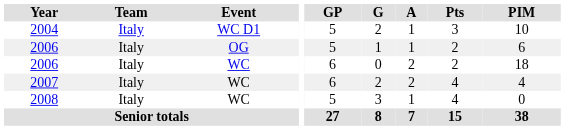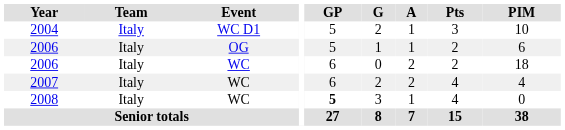 <table border="0" cellpadding="1" cellspacing="0" ID="Table3" style="text-align:center; width:40em">
 <tr bgcolor="#e0e0e0">
 <th>Year</th>
 <th>Team</th>
 <th>Event</th>
 <th rowspan="102" bgcolor="#ffffff"></th>
 <th>GP</th>
 <th>G</th>
 <th>A</th>
 <th>Pts</th>
 <th>PIM</th>
 </tr>
 <tr>
 <td><a href='#'>2004</a></td>
 <td><a href='#'>Italy</a></td>
 <td><a href='#'>WC D1</a></td>
 <td>5</td>
 <td>2</td>
 <td>1</td>
 <td>3</td>
 <td>10</td>
 </tr>
 <tr bgcolor="#f0f0f0">
 <td><a href='#'>2006</a></td>
 <td>Italy</td>
 <td><a href='#'>OG</a></td>
 <td>5</td>
 <td>1</td>
 <td>1</td>
 <td>2</td>
 <td>6</td>
 </tr>
 <tr>
 <td><a href='#'>2006</a></td>
 <td>Italy</td>
 <td><a href='#'>WC</a></td>
 <td>6</td>
 <td>0</td>
 <td>2</td>
 <td>2</td>
 <td>18</td>
 </tr>
 <tr bgcolor="#f0f0f0">
 <td><a href='#'>2007</a></td>
 <td>Italy</td>
 <td>WC</td>
 <td>6</td>
 <td>2</td>
 <td>2</td>
 <td>4</td>
 <td>4</td>
 </tr>
 <tr>
 <td><a href='#'>2008</a></td>
 <td>Italy</td>
 <td>WC</td>
-<td>5</td>
+<td><strong>5</strong></td>
 <td>3</td>
 <td>1</td>
 <td>4</td>
 <td>0</td>
 </tr>
 <tr bgcolor="#e0e0e0">
 <th colspan="3">Senior totals</th>
 <th>27</th>
 <th>8</th>
 <th>7</th>
 <th>15</th>
 <th>38</th>
 </tr>
 </table>
